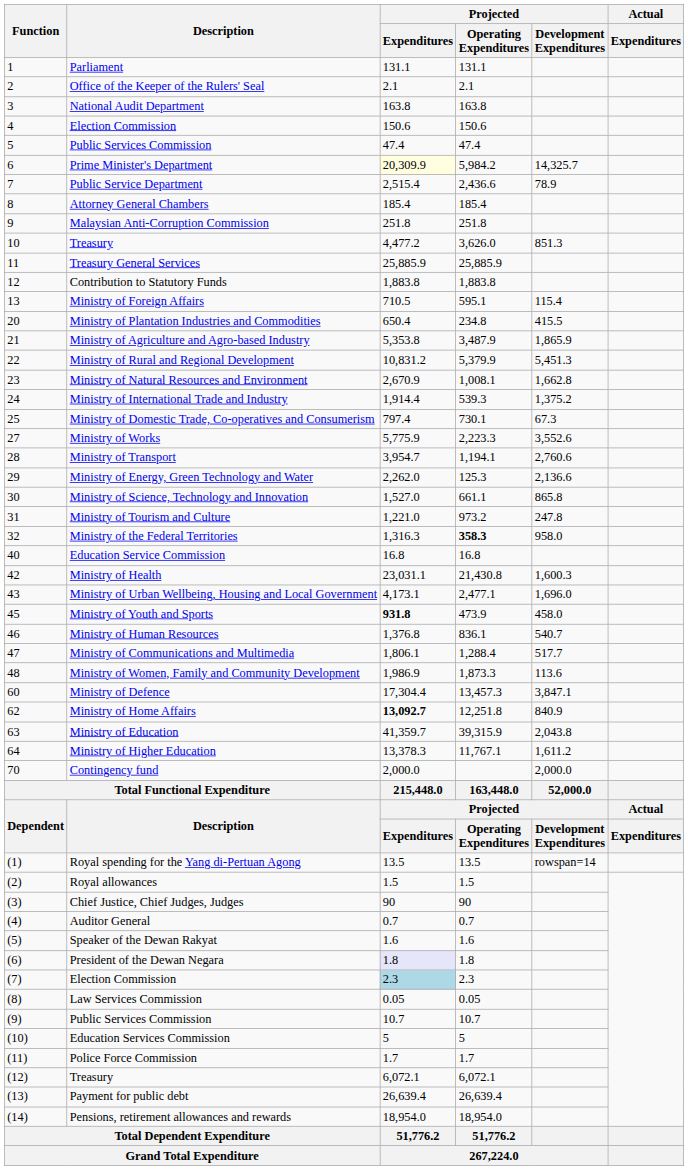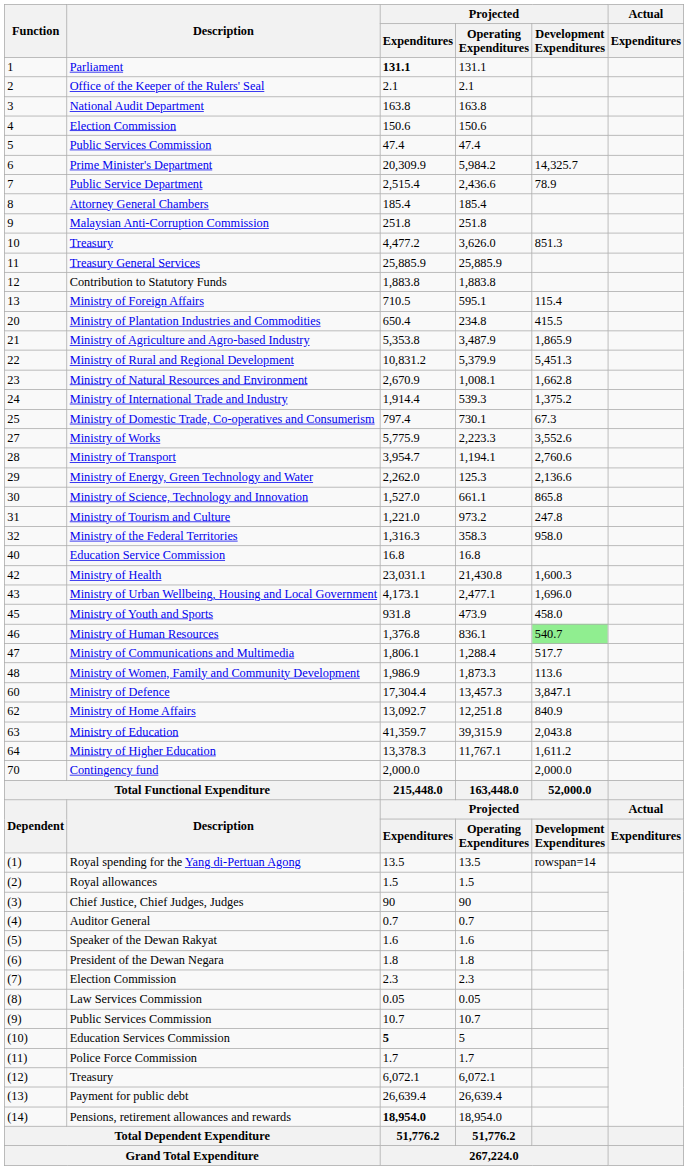 <table class="wikitable sortable">
 <tr>
 <th rowspan=2 data-sort-type="number">Function</th>
 <th rowspan=2>Description</th>
 <th colspan=3>Projected</th>
 <th>Actual</th>
 </tr>
 <tr>
 <th data-sort-type="number">Expenditures</th>
 <th data-sort-type="number">Operating<br>Expenditures</th>
 <th data-sort-type="number">Development<br>Expenditures</th>
 <th data-sort-type="number">Expenditures</th>
 </tr>
 <tr>
 <td>1</td>
 <td><a href='#'>Parliament</a></td>
-<td>131.1</td>
+<td><strong>131.1</strong></td>
 <td>131.1</td>
 <td></td>
 <td></td>
 </tr>
 <tr>
 <td>2</td>
 <td><a href='#'>Office of the Keeper of the Rulers' Seal</a></td>
 <td>2.1</td>
 <td>2.1</td>
 <td></td>
 <td></td>
 </tr>
 <tr>
 <td>3</td>
 <td><a href='#'>National Audit Department</a></td>
 <td>163.8</td>
 <td>163.8</td>
 <td></td>
 <td></td>
 </tr>
 <tr>
 <td>4</td>
 <td><a href='#'>Election Commission</a></td>
 <td>150.6</td>
 <td>150.6</td>
 <td></td>
 <td></td>
 </tr>
 <tr>
 <td>5</td>
 <td><a href='#'>Public Services Commission</a></td>
 <td>47.4</td>
 <td>47.4</td>
 <td></td>
 <td></td>
 </tr>
 <tr>
 <td>6</td>
 <td><a href='#'>Prime Minister's Department</a></td>
-<td style="background: lightyellow;">20,309.9</td>
+<td>20,309.9</td>
 <td>5,984.2</td>
 <td>14,325.7</td>
 <td></td>
 </tr>
 <tr>
 <td>7</td>
 <td><a href='#'>Public Service Department</a></td>
 <td>2,515.4</td>
 <td>2,436.6</td>
 <td>78.9</td>
 <td></td>
 </tr>
 <tr>
 <td>8</td>
 <td><a href='#'>Attorney General Chambers</a></td>
 <td>185.4</td>
 <td>185.4</td>
 <td></td>
 <td></td>
 </tr>
 <tr>
 <td>9</td>
 <td><a href='#'>Malaysian Anti-Corruption Commission</a></td>
 <td>251.8</td>
 <td>251.8</td>
 <td></td>
 <td></td>
 </tr>
 <tr>
 <td>10</td>
 <td><a href='#'>Treasury</a></td>
 <td>4,477.2</td>
 <td>3,626.0</td>
 <td>851.3</td>
 <td></td>
 </tr>
 <tr>
 <td>11</td>
 <td><a href='#'>Treasury General Services</a></td>
 <td>25,885.9</td>
 <td>25,885.9</td>
 <td></td>
 <td></td>
 </tr>
 <tr>
 <td>12</td>
 <td>Contribution to Statutory Funds</td>
 <td>1,883.8</td>
 <td>1,883.8</td>
 <td></td>
 <td></td>
 </tr>
 <tr>
 <td>13</td>
 <td><a href='#'>Ministry of Foreign Affairs</a></td>
 <td>710.5</td>
 <td>595.1</td>
 <td>115.4</td>
 <td></td>
 </tr>
 <tr>
 <td>20</td>
 <td><a href='#'>Ministry of Plantation Industries and Commodities</a></td>
 <td>650.4</td>
 <td>234.8</td>
 <td>415.5</td>
 <td></td>
 </tr>
 <tr>
 <td>21</td>
 <td><a href='#'>Ministry of Agriculture and Agro-based Industry</a></td>
 <td>5,353.8</td>
 <td>3,487.9</td>
 <td>1,865.9</td>
 <td></td>
 </tr>
 <tr>
 <td>22</td>
 <td><a href='#'>Ministry of Rural and Regional Development</a></td>
 <td>10,831.2</td>
 <td>5,379.9</td>
 <td>5,451.3</td>
 <td></td>
 </tr>
 <tr>
 <td>23</td>
 <td><a href='#'>Ministry of Natural Resources and Environment</a></td>
 <td>2,670.9</td>
 <td>1,008.1</td>
 <td>1,662.8</td>
 <td></td>
 </tr>
 <tr>
 <td>24</td>
 <td><a href='#'>Ministry of International Trade and Industry</a></td>
 <td>1,914.4</td>
 <td>539.3</td>
 <td>1,375.2</td>
 <td></td>
 </tr>
 <tr>
 <td>25</td>
 <td><a href='#'>Ministry of Domestic Trade, Co-operatives and Consumerism</a></td>
 <td>797.4</td>
 <td>730.1</td>
 <td>67.3</td>
 <td></td>
 </tr>
 <tr>
 <td>27</td>
 <td><a href='#'>Ministry of Works</a></td>
 <td>5,775.9</td>
 <td>2,223.3</td>
 <td>3,552.6</td>
 <td></td>
 </tr>
 <tr>
 <td>28</td>
 <td><a href='#'>Ministry of Transport</a></td>
 <td>3,954.7</td>
 <td>1,194.1</td>
 <td>2,760.6</td>
 <td></td>
 </tr>
 <tr>
 <td>29</td>
 <td><a href='#'>Ministry of Energy, Green Technology and Water</a></td>
 <td>2,262.0</td>
 <td>125.3</td>
 <td>2,136.6</td>
 <td></td>
 </tr>
 <tr>
 <td>30</td>
 <td><a href='#'>Ministry of Science, Technology and Innovation</a></td>
 <td>1,527.0</td>
 <td>661.1</td>
 <td>865.8</td>
 <td></td>
 </tr>
 <tr>
 <td>31</td>
 <td><a href='#'>Ministry of Tourism and Culture</a></td>
 <td>1,221.0</td>
 <td>973.2</td>
 <td>247.8</td>
 <td></td>
 </tr>
 <tr>
 <td>32</td>
 <td><a href='#'>Ministry of the Federal Territories</a></td>
 <td>1,316.3</td>
-<td><strong>358.3</strong></td>
+<td>358.3</td>
 <td>958.0</td>
 <td></td>
 </tr>
 <tr>
 <td>40</td>
 <td><a href='#'>Education Service Commission</a></td>
 <td>16.8</td>
 <td>16.8</td>
 <td></td>
 <td></td>
 </tr>
 <tr>
 <td>42</td>
 <td><a href='#'>Ministry of Health</a></td>
 <td>23,031.1</td>
 <td>21,430.8</td>
 <td>1,600.3</td>
 <td></td>
 </tr>
 <tr>
 <td>43</td>
 <td><a href='#'>Ministry of Urban Wellbeing, Housing and Local Government</a></td>
 <td>4,173.1</td>
 <td>2,477.1</td>
 <td>1,696.0</td>
 <td></td>
 </tr>
 <tr>
 <td>45</td>
 <td><a href='#'>Ministry of Youth and Sports</a></td>
-<td><strong>931.8</strong></td>
+<td>931.8</td>
 <td>473.9</td>
 <td>458.0</td>
 <td></td>
 </tr>
 <tr>
 <td>46</td>
 <td><a href='#'>Ministry of Human Resources</a></td>
 <td>1,376.8</td>
 <td>836.1</td>
-<td>540.7</td>
+<td style="background: lightgreen;">540.7</td>
 <td></td>
 </tr>
 <tr>
 <td>47</td>
 <td><a href='#'>Ministry of Communications and Multimedia</a></td>
 <td>1,806.1</td>
 <td>1,288.4</td>
 <td>517.7</td>
 <td></td>
 </tr>
 <tr>
 <td>48</td>
 <td><a href='#'>Ministry of Women, Family and Community Development</a></td>
 <td>1,986.9</td>
 <td>1,873.3</td>
 <td>113.6</td>
 <td></td>
 </tr>
 <tr>
 <td>60</td>
 <td><a href='#'>Ministry of Defence</a></td>
 <td>17,304.4</td>
 <td>13,457.3</td>
 <td>3,847.1</td>
 <td></td>
 </tr>
 <tr>
 <td>62</td>
 <td><a href='#'>Ministry of Home Affairs</a></td>
-<td><strong>13,092.7</strong></td>
+<td>13,092.7</td>
 <td>12,251.8</td>
 <td>840.9</td>
 <td></td>
 </tr>
 <tr>
 <td>63</td>
 <td><a href='#'>Ministry of Education</a></td>
 <td>41,359.7</td>
 <td>39,315.9</td>
 <td>2,043.8</td>
 <td></td>
 </tr>
 <tr>
 <td>64</td>
 <td><a href='#'>Ministry of Higher Education</a></td>
 <td>13,378.3</td>
 <td>11,767.1</td>
 <td>1,611.2</td>
 <td></td>
 </tr>
 <tr>
 <td>70</td>
 <td><a href='#'>Contingency fund</a></td>
 <td>2,000.0</td>
 <td></td>
 <td>2,000.0</td>
 <td></td>
 </tr>
 <tr>
 <th align=right colspan=2>Total Functional Expenditure</th>
 <th>215,448.0</th>
 <th>163,448.0</th>
 <th>52,000.0</th>
 <th></th>
 </tr>
 <tr>
 <th rowspan=2>Dependent</th>
 <th rowspan=2>Description</th>
 <th colspan=3>Projected</th>
 <th>Actual</th>
 </tr>
 <tr>
 <th>Expenditures</th>
 <th>Operating<br>Expenditures</th>
 <th>Development<br>Expenditures</th>
 <th>Expenditures</th>
 </tr>
 <tr>
 <td>(1)</td>
 <td>Royal spending for the <a href='#'>Yang di-Pertuan Agong</a></td>
 <td>13.5</td>
 <td>13.5</td>
 <td>rowspan=14 </td>
 <td></td>
 </tr>
 <tr>
 <td>(2)</td>
 <td>Royal allowances</td>
 <td>1.5</td>
 <td>1.5</td>
 <td></td>
 </tr>
 <tr>
 <td>(3)</td>
 <td>Chief Justice, Chief Judges, Judges</td>
 <td>90</td>
 <td>90</td>
 <td></td>
 </tr>
 <tr>
 <td>(4)</td>
 <td>Auditor General</td>
 <td>0.7</td>
 <td>0.7</td>
 <td></td>
 </tr>
 <tr>
 <td>(5)</td>
 <td>Speaker of the Dewan Rakyat</td>
 <td>1.6</td>
 <td>1.6</td>
 <td></td>
 </tr>
 <tr>
 <td>(6)</td>
 <td>President of the Dewan Negara</td>
-<td style="background: lavender;">1.8</td>
+<td>1.8</td>
 <td>1.8</td>
 <td></td>
 </tr>
 <tr>
 <td>(7)</td>
 <td>Election Commission</td>
-<td style="background: lightblue;">2.3</td>
+<td>2.3</td>
 <td>2.3</td>
 <td></td>
 </tr>
 <tr>
 <td>(8)</td>
 <td>Law Services Commission</td>
 <td>0.05</td>
 <td>0.05</td>
 <td></td>
 </tr>
 <tr>
 <td>(9)</td>
 <td>Public Services Commission</td>
 <td>10.7</td>
 <td>10.7</td>
 <td></td>
 </tr>
 <tr>
 <td>(10)</td>
 <td>Education Services Commission</td>
-<td>5</td>
+<td><strong>5</strong></td>
 <td>5</td>
 <td></td>
 </tr>
 <tr>
 <td>(11)</td>
 <td>Police Force Commission</td>
 <td>1.7</td>
 <td>1.7</td>
 <td></td>
 </tr>
 <tr>
 <td>(12)</td>
 <td>Treasury</td>
 <td>6,072.1</td>
 <td>6,072.1</td>
 <td></td>
 </tr>
 <tr>
 <td>(13)</td>
 <td>Payment for public debt</td>
 <td>26,639.4</td>
 <td>26,639.4</td>
 <td></td>
 </tr>
 <tr>
 <td>(14)</td>
 <td>Pensions, retirement allowances and rewards</td>
-<td>18,954.0</td>
+<td><strong>18,954.0</strong></td>
 <td>18,954.0</td>
 <td></td>
 </tr>
 <tr>
 <th align=right colspan=2>Total Dependent Expenditure</th>
 <th>51,776.2</th>
 <th>51,776.2</th>
 <th></th>
 <th></th>
 </tr>
 <tr>
 <th align=right colspan=2>Grand Total Expenditure</th>
 <th colspan=3>267,224.0</th>
 <th></th>
 </tr>
 </table>
